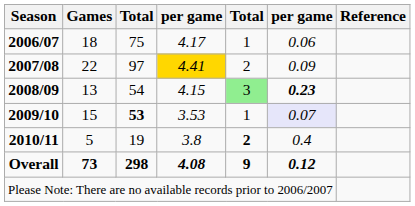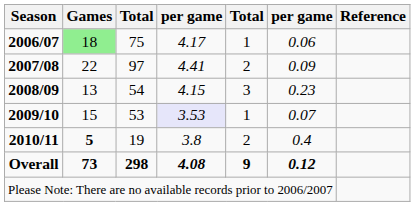 <table class="wikitable" style="text-align:center">
 <tr>
 <th>Season</th>
 <th>Games</th>
 <th>Total </th>
 <th> per game</th>
 <th>Total </th>
 <th> per game</th>
 <th>Reference</th>
 </tr>
 <tr>
 <td><strong>2006/07</strong></td>
-<td>18</td>
+<td style="background: lightgreen;">18</td>
 <td>75</td>
 <td><em>4.17</em></td>
 <td>1</td>
 <td><em>0.06</em></td>
 <td></td>
 </tr>
 <tr>
 <td><strong>2007/08</strong></td>
 <td>22</td>
 <td>97</td>
-<td style="background: gold;"><em>4.41</em></td>
+<td><em>4.41</em></td>
 <td>2</td>
 <td><em>0.09</em></td>
 <td></td>
 </tr>
 <tr>
 <td><strong>2008/09</strong></td>
 <td>13</td>
 <td>54</td>
 <td><em>4.15</em></td>
-<td style="background: lightgreen;">3</td>
-<td><strong><em>0.23</em></strong></td>
+<td>3</td>
+<td><em>0.23</em></td>
 <td></td>
 </tr>
 <tr>
 <td><strong>2009/10</strong></td>
 <td>15</td>
-<td><strong>53</strong></td>
-<td><em>3.53</em></td>
+<td>53</td>
+<td style="background: lavender;"><em>3.53</em></td>
 <td>1</td>
-<td style="background: lavender;"><em>0.07</em></td>
+<td><em>0.07</em></td>
 <td></td>
 </tr>
 <tr>
 <td><strong>2010/11</strong></td>
-<td>5</td>
+<td><strong>5</strong></td>
 <td>19</td>
 <td><em>3.8</em></td>
-<td><strong>2</strong></td>
+<td>2</td>
 <td><em>0.4</em></td>
 <td></td>
 </tr>
 <tr>
 <td><strong>Overall</strong></td>
 <td><strong>73</strong></td>
 <td><strong>298</strong></td>
 <td><strong><em>4.08</em></strong></td>
 <td><strong>9</strong></td>
 <td><strong><em>0.12</em></strong></td>
 <td></td>
 </tr>
 <tr>
 <td colspan="6" align="left"><small>Please Note: There are no available records prior to 2006/2007</small></td>
 </tr>
 </table>
